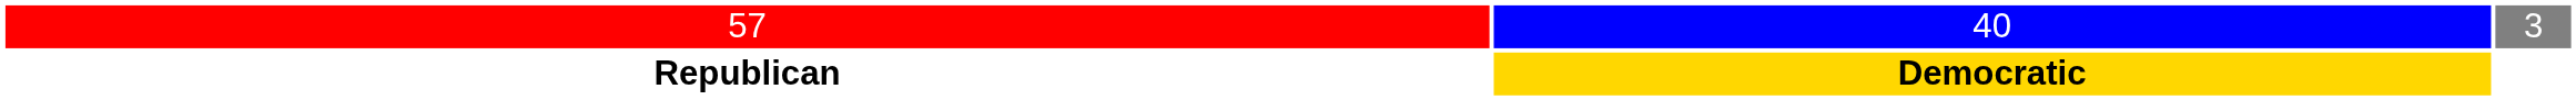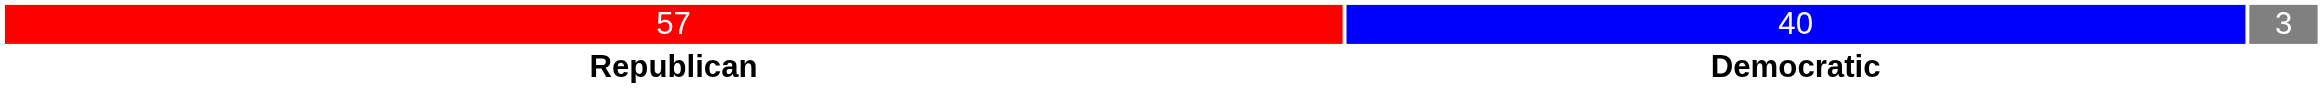 <table style="width:60%; text-align:center;">
 <tr style="color:white;">
 <td style="background:red; width:58.0%;">57</td>
 <td style="background:blue; width:39.0%;">40</td>
 <td style="background:grey; width:3.0%;">3</td>
 </tr>
 <tr>
 <td><span><strong>Republican</strong></span></td>
-<td style="background: gold;"><span><strong>Democratic</strong></span></td>
+<td><span><strong>Democratic</strong></span></td>
 </tr>
 </table>
